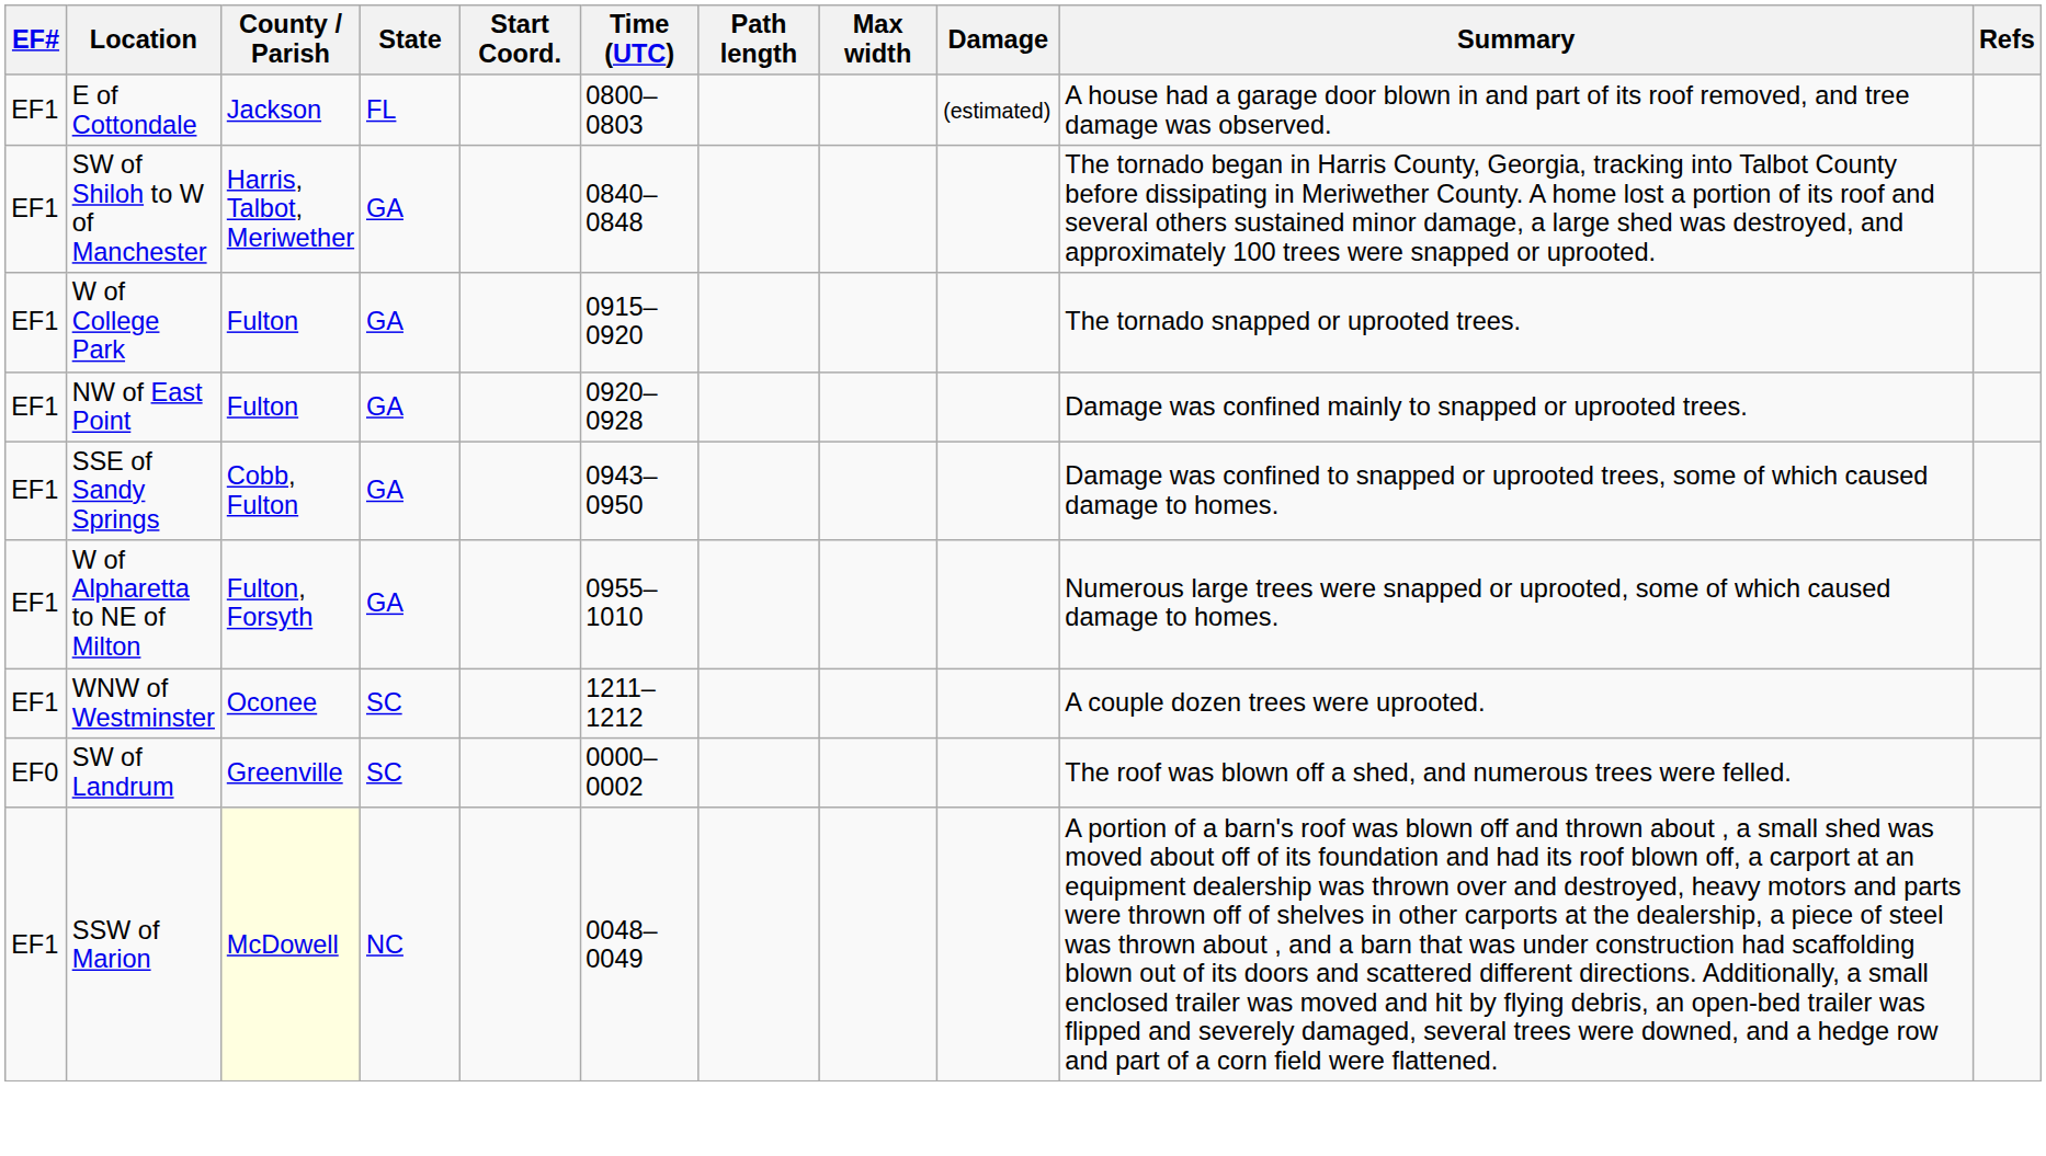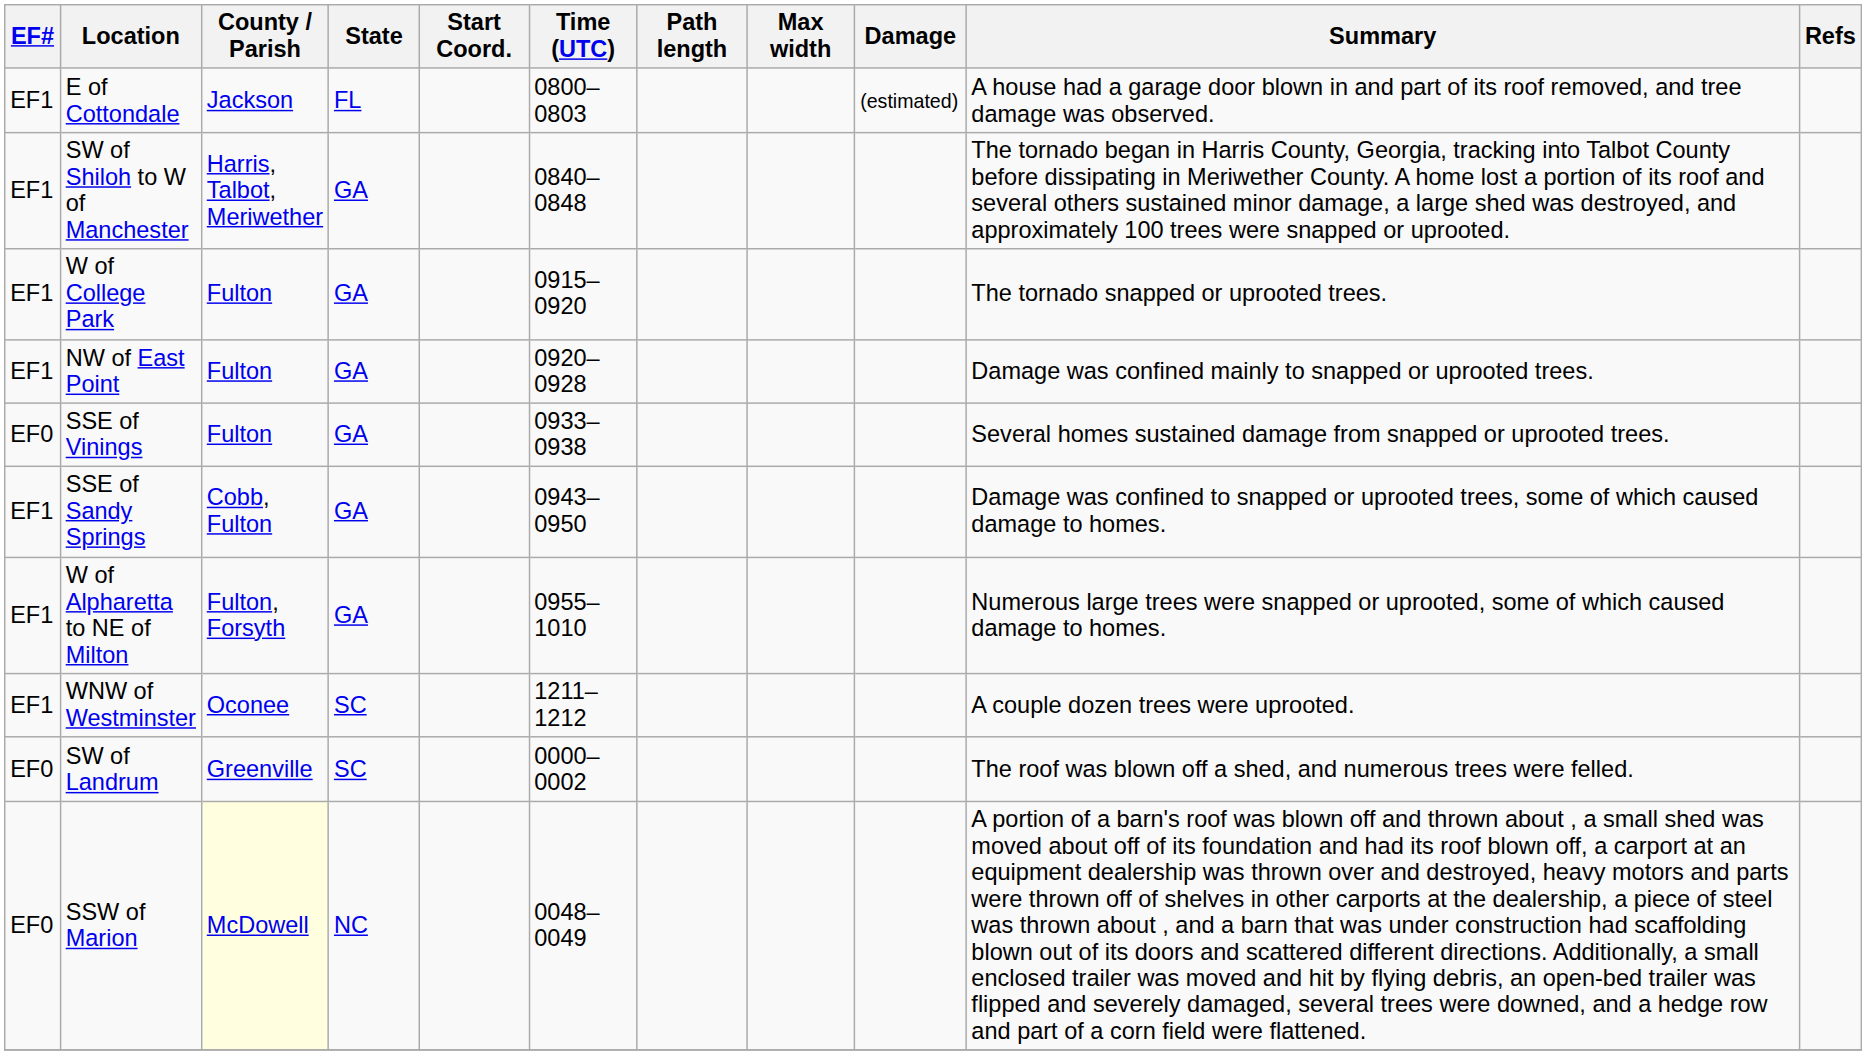 <table class="wikitable sortable" style="width:100%;">
 <tr>
 <th scope="col" width="3%" align="center"><a href='#'>EF#</a></th>
 <th scope="col" width="7%" align="center" class="unsortable">Location</th>
 <th scope="col" width="6%" align="center" class="unsortable">County / Parish</th>
 <th scope="col" width="5%" align="center">State</th>
 <th scope="col" width="6%" align="center">Start Coord.</th>
 <th scope="col" width="6%" align="center">Time (<a href='#'>UTC</a>)</th>
 <th scope="col" width="6%" align="center">Path length</th>
 <th scope="col" width="6%" align="center">Max width</th>
 <th scope="col" width="6%" align="center">Damage</th>
 <th scope="col" width="48%" class="unsortable" align="center">Summary</th>
 <th scope="col" width="48%" class="unsortable" align="center">Refs</th>
 </tr>
 <tr>
 <td>EF1</td>
 <td>E of <a href='#'>Cottondale</a></td>
 <td><a href='#'>Jackson</a></td>
 <td><a href='#'>FL</a></td>
 <td></td>
 <td>0800–0803</td>
 <td></td>
 <td></td>
 <td> <small>(estimated)</small></td>
 <td>A house had a garage door blown in and part of its roof removed, and tree damage was observed.</td>
 <td></td>
 </tr>
 <tr>
 <td>EF1</td>
 <td>SW of <a href='#'>Shiloh</a> to W of <a href='#'>Manchester</a></td>
 <td><a href='#'>Harris</a>, <a href='#'>Talbot</a>, <a href='#'>Meriwether</a></td>
 <td><a href='#'>GA</a></td>
 <td></td>
 <td>0840–0848</td>
 <td></td>
 <td></td>
 <td></td>
 <td>The tornado began in Harris County, Georgia, tracking into Talbot County before dissipating in Meriwether County. A home lost a portion of its roof and several others sustained minor damage, a large shed was destroyed, and approximately 100 trees were snapped or uprooted.</td>
 <td><br></td>
 </tr>
 <tr>
 <td>EF1</td>
 <td>W of <a href='#'>College Park</a></td>
 <td><a href='#'>Fulton</a></td>
 <td><a href='#'>GA</a></td>
 <td></td>
 <td>0915–0920</td>
 <td></td>
 <td></td>
 <td></td>
 <td>The tornado snapped or uprooted trees.</td>
 <td></td>
 </tr>
 <tr>
 <td>EF1</td>
 <td>NW of <a href='#'>East Point</a></td>
 <td><a href='#'>Fulton</a></td>
 <td><a href='#'>GA</a></td>
 <td></td>
 <td>0920–0928</td>
 <td></td>
 <td></td>
 <td></td>
 <td>Damage was confined mainly to snapped or uprooted trees.</td>
 <td></td>
 </tr>
 <tr>
+<td>EF0</td>
+<td>SSE of <a href='#'>Vinings</a></td>
+<td><a href='#'>Fulton</a></td>
+<td><a href='#'>GA</a></td>
+<td></td>
+<td>0933–0938</td>
+<td></td>
+<td></td>
+<td></td>
+<td>Several homes sustained damage from snapped or uprooted trees.</td>
+<td></td>
+</tr>
+<tr>
 <td>EF1</td>
 <td>SSE of <a href='#'>Sandy Springs</a></td>
 <td><a href='#'>Cobb</a>, <a href='#'>Fulton</a></td>
 <td><a href='#'>GA</a></td>
 <td></td>
 <td>0943–0950</td>
 <td></td>
 <td></td>
 <td></td>
 <td>Damage was confined to snapped or uprooted trees, some of which caused damage to homes.</td>
 <td></td>
 </tr>
 <tr>
 <td>EF1</td>
 <td>W of <a href='#'>Alpharetta</a> to NE of <a href='#'>Milton</a></td>
 <td><a href='#'>Fulton</a>, <a href='#'>Forsyth</a></td>
 <td><a href='#'>GA</a></td>
 <td></td>
 <td>0955–1010</td>
 <td></td>
 <td></td>
 <td></td>
 <td>Numerous large trees were snapped or uprooted, some of which caused damage to homes.</td>
 <td></td>
 </tr>
 <tr>
 <td>EF1</td>
 <td>WNW of <a href='#'>Westminster</a></td>
 <td><a href='#'>Oconee</a></td>
 <td><a href='#'>SC</a></td>
 <td></td>
 <td>1211–1212</td>
 <td></td>
 <td></td>
 <td></td>
 <td>A couple dozen trees were uprooted.</td>
 <td></td>
 </tr>
 <tr>
 <td>EF0</td>
 <td>SW of <a href='#'>Landrum</a></td>
 <td><a href='#'>Greenville</a></td>
 <td><a href='#'>SC</a></td>
 <td></td>
 <td>0000–0002</td>
 <td></td>
 <td></td>
 <td></td>
 <td>The roof was blown off a shed, and numerous trees were felled.</td>
 <td></td>
 </tr>
 <tr>
-<td>EF1</td>
+<td>EF0</td>
 <td>SSW of <a href='#'>Marion</a></td>
 <td style="background: lightyellow;"><a href='#'>McDowell</a></td>
 <td><a href='#'>NC</a></td>
 <td></td>
 <td>0048–0049</td>
 <td></td>
 <td></td>
 <td></td>
 <td>A portion of a barn's roof was blown off and thrown about , a small shed was moved about  off of its foundation and had its roof blown off, a carport at an equipment dealership was thrown over  and destroyed, heavy motors and parts were thrown off of shelves in other carports at the dealership, a  piece of steel was thrown about , and a barn that was under construction had scaffolding blown out of its doors and scattered different directions. Additionally, a small enclosed trailer was moved and hit by flying debris, an open-bed trailer was flipped and severely damaged, several trees were downed, and a hedge row and part of a corn field were flattened.</td>
 <td></td>
 </tr>
 <tr>
 </tr>
 </table>
